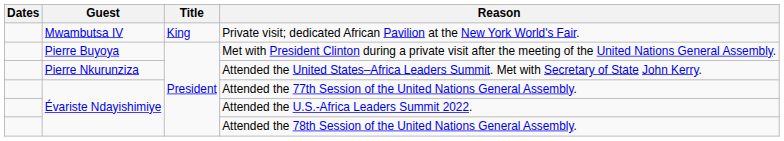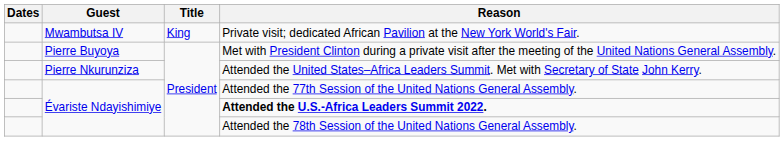 <table class="wikitable sortable">
 <tr>
 <th>Dates</th>
 <th>Guest</th>
 <th>Title</th>
 <th>Reason</th>
 </tr>
 <tr>
 <td></td>
 <td><a href='#'>Mwambutsa IV</a></td>
 <td><a href='#'>King</a></td>
 <td>Private visit; dedicated African <a href='#'>Pavilion</a> at the <a href='#'>New York World's Fair</a>.</td>
 </tr>
 <tr>
 <td></td>
 <td><a href='#'>Pierre Buyoya</a></td>
 <td rowspan=5><a href='#'>President</a></td>
 <td>Met with <a href='#'>President Clinton</a> during a private visit after the meeting of the <a href='#'>United Nations General Assembly</a>.</td>
 </tr>
 <tr>
 <td></td>
 <td><a href='#'>Pierre Nkurunziza</a></td>
 <td>Attended the <a href='#'>United States–Africa Leaders Summit</a>. Met with <a href='#'>Secretary of State</a> <a href='#'>John Kerry</a>.</td>
 </tr>
 <tr>
 <td></td>
 <td rowspan=3><a href='#'>Évariste Ndayishimiye</a></td>
 <td>Attended the <a href='#'>77th Session of the United Nations General Assembly</a>.</td>
 </tr>
 <tr>
 <td></td>
-<td>Attended the <a href='#'>U.S.-Africa Leaders Summit 2022</a>.</td>
+<td><strong>Attended the <a href='#'>U.S.-Africa Leaders Summit 2022</a>.</strong></td>
 </tr>
 <tr>
 <td></td>
 <td>Attended the <a href='#'>78th Session of the United Nations General Assembly</a>.</td>
 </tr>
 </table>
